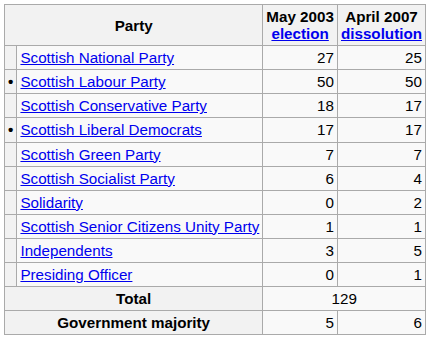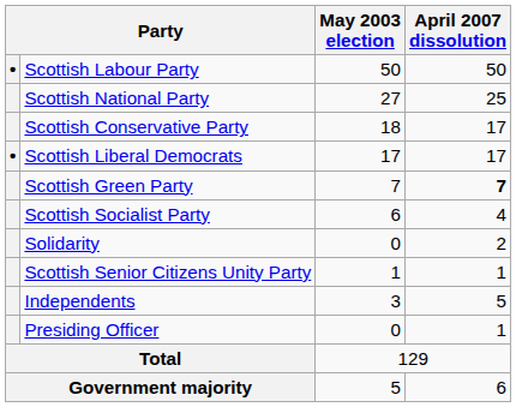 <table class="wikitable" style="font-size: 95%;">
 <tr>
 <th colspan=2>Party</th>
 <th>May 2003<br><a href='#'>election</a></th>
 <th>April 2007<br><a href='#'>dissolution</a></th>
 </tr>
 <tr>
+<th style="background-color: "><span>•</span></th>
+<td><a href='#'>Scottish Labour Party</a></td>
+<td align="right">50</td>
+<td align="right">50</td>
+</tr>
+<tr>
 <th style="background-color: "></th>
 <td><a href='#'>Scottish National Party</a></td>
 <td align="right">27</td>
 <td align="right">25</td>
-</tr>
-<tr>
-<th style="background-color: "><span>•</span></th>
-<td><a href='#'>Scottish Labour Party</a></td>
-<td align="right">50</td>
-<td align="right">50</td>
 </tr>
 <tr>
 <th style="background-color: "></th>
 <td><a href='#'>Scottish Conservative Party</a></td>
 <td align="right">18</td>
 <td align="right">17</td>
 </tr>
 <tr>
 <th style="background-color: "><span>•</span></th>
 <td><a href='#'>Scottish Liberal Democrats</a></td>
 <td align="right">17</td>
 <td align="right">17</td>
 </tr>
 <tr>
 <th style="background-color: "></th>
 <td><a href='#'>Scottish Green Party</a></td>
 <td align="right">7</td>
-<td align="right">7</td>
+<td align="right"><strong>7</strong></td>
 </tr>
 <tr>
 <th style="background-color: "></th>
 <td><a href='#'>Scottish Socialist Party</a></td>
 <td align="right">6</td>
 <td align="right">4</td>
 </tr>
 <tr>
 <th style="background-color: "></th>
 <td><a href='#'>Solidarity</a></td>
 <td align="right">0</td>
 <td align="right">2</td>
 </tr>
 <tr>
 <th style="background-color: "></th>
 <td><a href='#'>Scottish Senior Citizens Unity Party</a></td>
 <td align="right">1</td>
 <td align="right">1</td>
 </tr>
 <tr>
 <th style="background-color: "></th>
 <td><a href='#'>Independents</a></td>
 <td align="right">3</td>
 <td align="right">5</td>
 </tr>
 <tr>
 <th style="background-color: "></th>
 <td><a href='#'>Presiding Officer</a></td>
 <td align="right">0</td>
 <td align="right">1</td>
 </tr>
 <tr>
 <th colspan="2">Total</th>
 <td colspan="2" align="center">129</td>
 </tr>
 <tr>
 <th colspan="2">Government majority</th>
 <td align="right">5</td>
 <td align="right">6</td>
 </tr>
 </table>
